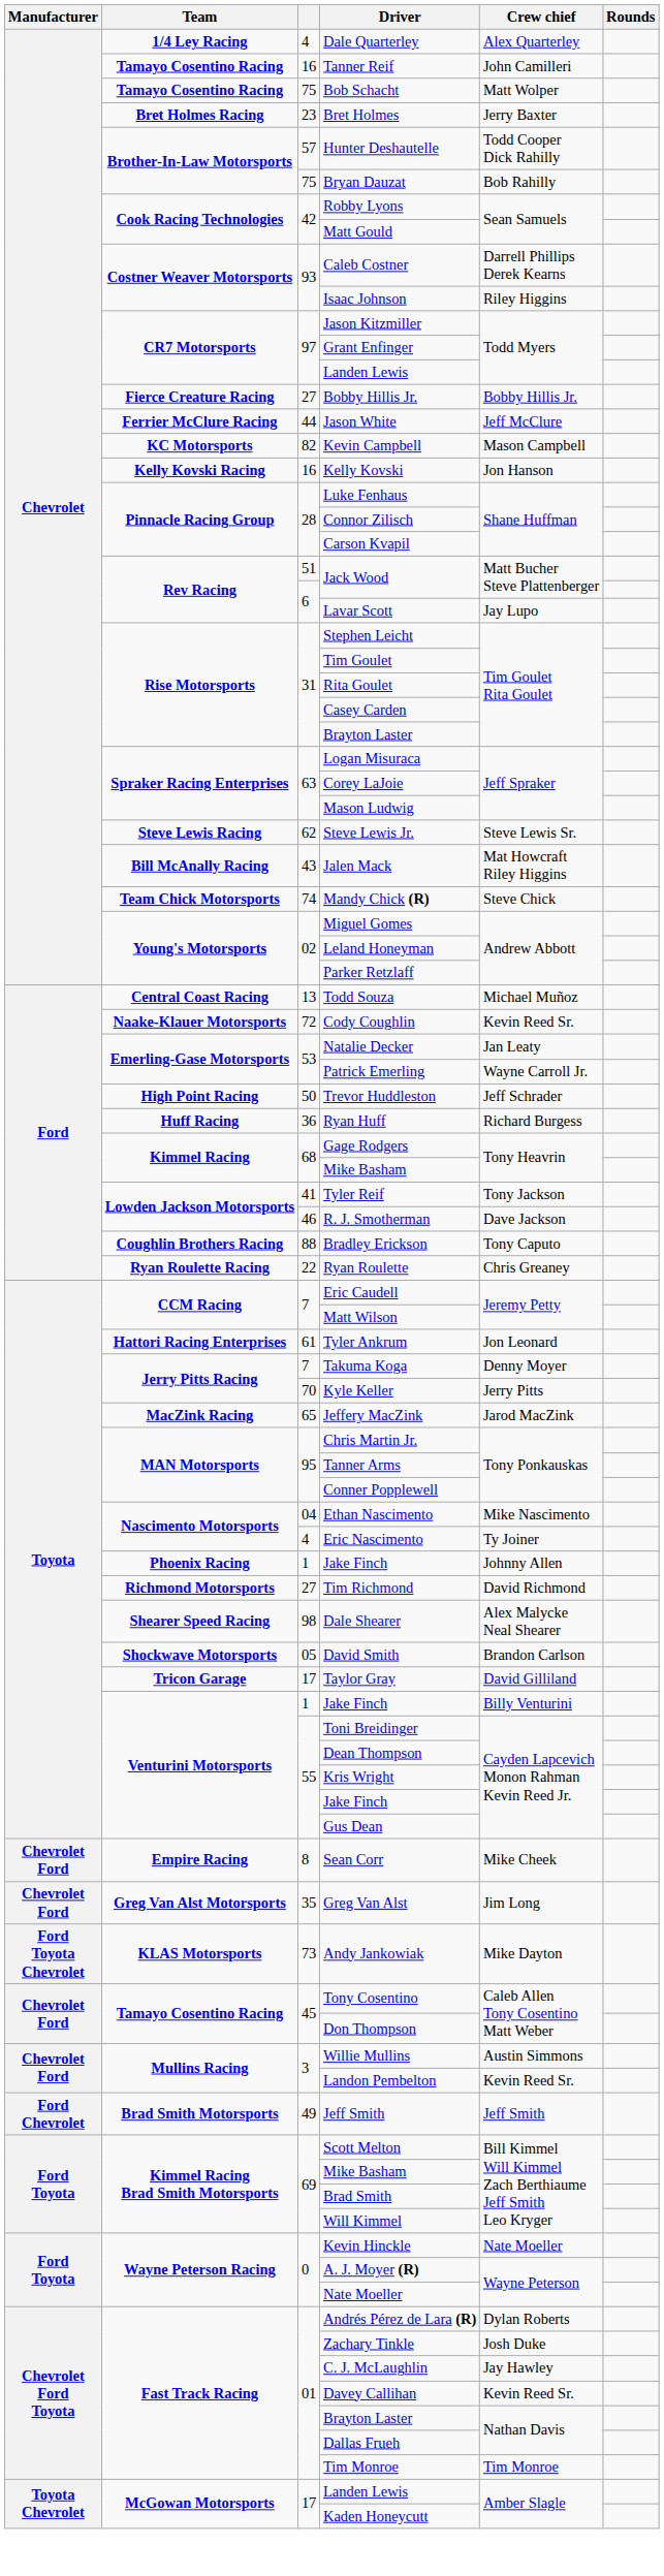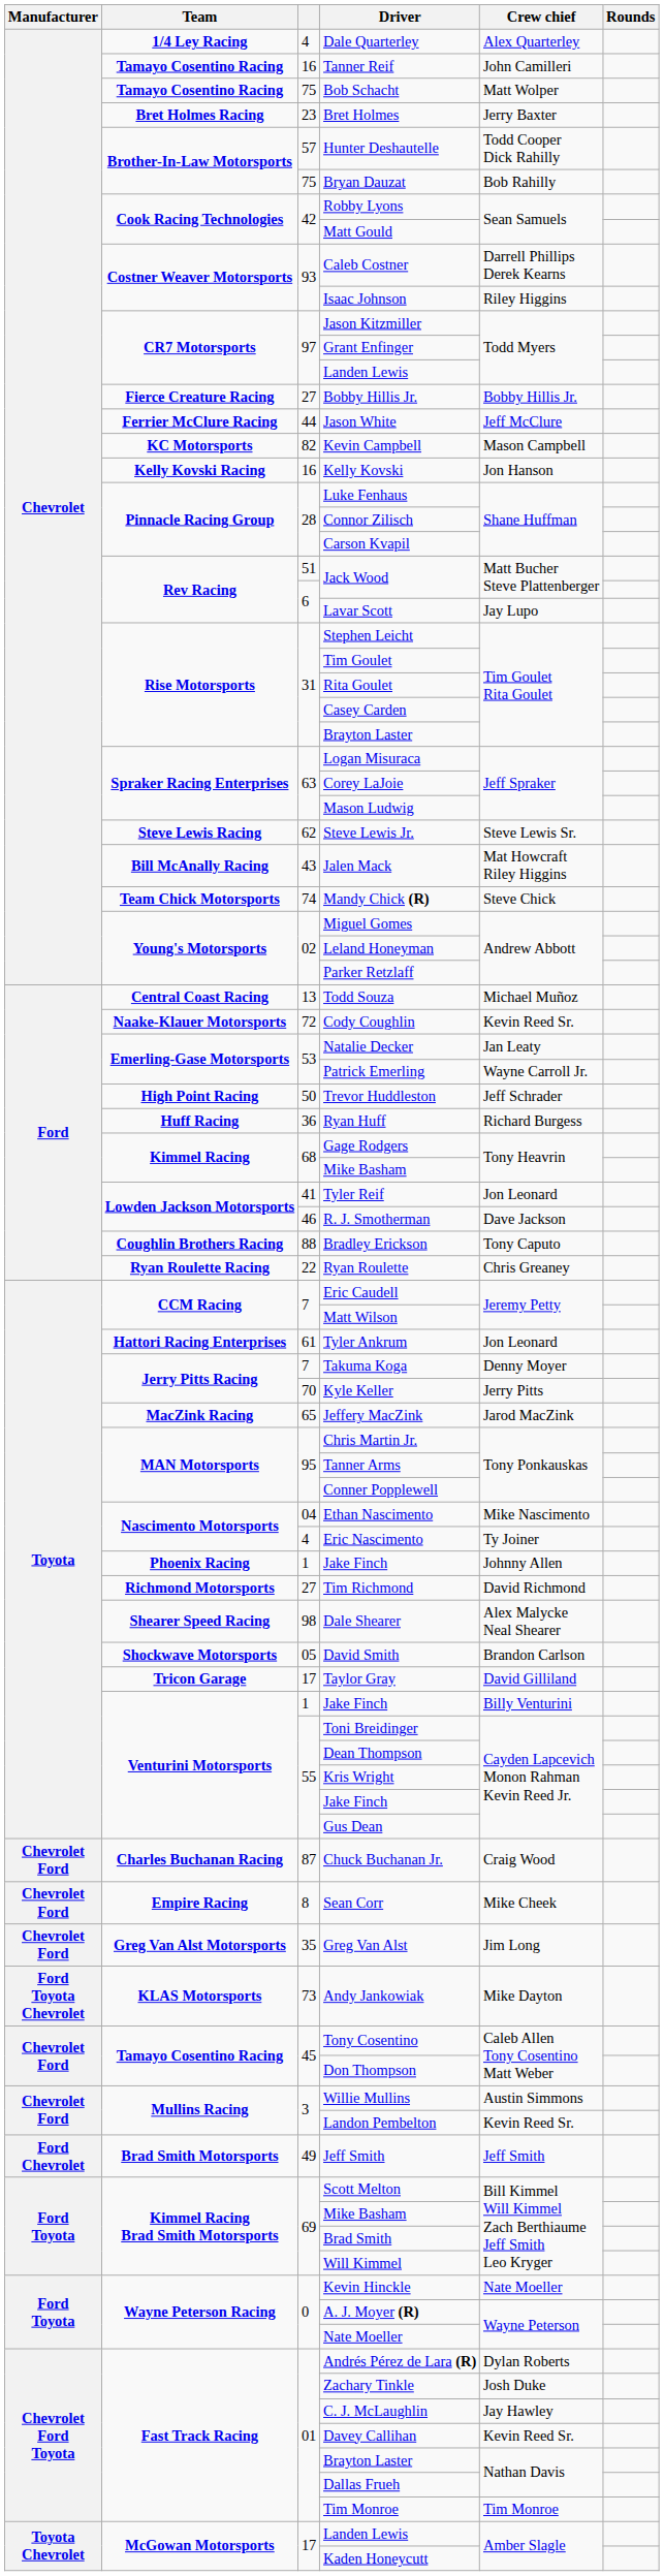 <table class="wikitable" style="font-size: 95%;">
 <tr>
 <th>Manufacturer</th>
 <th>Team</th>
 <th></th>
 <th>Driver</th>
 <th>Crew chief</th>
 <th>Rounds</th>
 </tr>
 <tr>
 <th rowspan=37><a href='#'>Chevrolet</a></th>
 <td style="text-align:center;"><strong><a href='#'>1/4 Ley Racing</a></strong></td>
 <td>4</td>
 <td><a href='#'>Dale Quarterley</a></td>
 <td><a href='#'>Alex Quarterley</a></td>
 <td></td>
 </tr>
 <tr>
 <td style="text-align:center;"><strong><a href='#'>Tamayo Cosentino Racing</a></strong></td>
 <td>16</td>
 <td><a href='#'>Tanner Reif</a></td>
 <td>John Camilleri</td>
 <td></td>
 </tr>
 <tr>
 <td style="text-align:center;"><strong><a href='#'>Tamayo Cosentino Racing</a></strong></td>
 <td>75</td>
 <td><a href='#'>Bob Schacht</a></td>
 <td>Matt Wolper</td>
 <td></td>
 </tr>
 <tr>
 <td style="text-align:center;"><strong><a href='#'>Bret Holmes Racing</a></strong></td>
 <td>23</td>
 <td><a href='#'>Bret Holmes</a></td>
 <td>Jerry Baxter</td>
 <td></td>
 </tr>
 <tr>
 <td rowspan=2 style="text-align:center;"><strong><a href='#'>Brother-In-Law Motorsports</a></strong></td>
 <td>57</td>
 <td><a href='#'>Hunter Deshautelle</a></td>
 <td>Todd Cooper <small></small> <br> Dick Rahilly <small></small></td>
 <td></td>
 </tr>
 <tr>
 <td>75</td>
 <td><a href='#'>Bryan Dauzat</a></td>
 <td>Bob Rahilly</td>
 <td></td>
 </tr>
 <tr>
 <td rowspan=2 style="text-align:center;"><strong><a href='#'>Cook Racing Technologies</a></strong></td>
 <td rowspan=2>42</td>
 <td><a href='#'>Robby Lyons</a></td>
 <td rowspan=2>Sean Samuels</td>
 <td></td>
 </tr>
 <tr>
 <td><a href='#'>Matt Gould</a></td>
 <td></td>
 </tr>
 <tr>
 <td rowspan=2 style="text-align:center;"><strong><a href='#'>Costner Weaver Motorsports</a></strong></td>
 <td rowspan=2>93</td>
 <td><a href='#'>Caleb Costner</a></td>
 <td>Darrell Phillips <small></small> <br> Derek Kearns <small></small></td>
 <td></td>
 </tr>
 <tr>
 <td><a href='#'>Isaac Johnson</a></td>
 <td>Riley Higgins</td>
 <td></td>
 </tr>
 <tr>
 <td rowspan=3 style="text-align:center;"><strong><a href='#'>CR7 Motorsports</a></strong></td>
 <td rowspan=3>97</td>
 <td><a href='#'>Jason Kitzmiller</a></td>
 <td rowspan=3>Todd Myers</td>
 <td></td>
 </tr>
 <tr>
 <td><a href='#'>Grant Enfinger</a></td>
 <td></td>
 </tr>
 <tr>
 <td><a href='#'>Landen Lewis</a></td>
 <td></td>
 </tr>
 <tr>
 <td style="text-align:center;"><strong><a href='#'>Fierce Creature Racing</a></strong></td>
 <td>27</td>
 <td><a href='#'>Bobby Hillis Jr.</a></td>
 <td><a href='#'>Bobby Hillis Jr.</a></td>
 <td></td>
 </tr>
 <tr>
 <td style="text-align:center;"><strong><a href='#'>Ferrier McClure Racing</a></strong></td>
 <td>44</td>
 <td><a href='#'>Jason White</a></td>
 <td><a href='#'>Jeff McClure</a></td>
 <td></td>
 </tr>
 <tr>
 <td style="text-align:center;"><strong><a href='#'>KC Motorsports</a></strong></td>
 <td>82</td>
 <td><a href='#'>Kevin Campbell</a></td>
 <td>Mason Campbell</td>
 <td></td>
 </tr>
 <tr>
 <td style="text-align:center;"><strong><a href='#'>Kelly Kovski Racing</a></strong></td>
 <td>16</td>
 <td><a href='#'>Kelly Kovski</a></td>
 <td>Jon Hanson</td>
 <td></td>
 </tr>
 <tr>
 <td rowspan=3 style="text-align:center;"><strong><a href='#'>Pinnacle Racing Group</a></strong></td>
 <td rowspan=3>28</td>
 <td><a href='#'>Luke Fenhaus</a></td>
 <td rowspan=3><a href='#'>Shane Huffman</a></td>
 <td></td>
 </tr>
 <tr>
 <td><a href='#'>Connor Zilisch</a></td>
 <td></td>
 </tr>
 <tr>
 <td><a href='#'>Carson Kvapil</a></td>
 <td></td>
 </tr>
 <tr>
 <td rowspan=3 style="text-align:center;"><strong><a href='#'>Rev Racing</a></strong></td>
 <td>51</td>
 <td rowspan=2><a href='#'>Jack Wood</a></td>
 <td rowspan=2>Matt Bucher <small></small> <br> Steve Plattenberger <small></small></td>
 <td></td>
 </tr>
 <tr>
 <td rowspan=2>6</td>
 <td></td>
 </tr>
 <tr>
 <td><a href='#'>Lavar Scott</a></td>
 <td>Jay Lupo</td>
 <td></td>
 </tr>
 <tr>
 <td rowspan=5 style="text-align:center;"><strong><a href='#'>Rise Motorsports</a></strong></td>
 <td rowspan=5>31</td>
 <td><a href='#'>Stephen Leicht</a></td>
 <td rowspan=5><a href='#'>Tim Goulet</a> <small></small> <br> <a href='#'>Rita Goulet</a> <small></small></td>
 <td></td>
 </tr>
 <tr>
 <td><a href='#'>Tim Goulet</a></td>
 <td></td>
 </tr>
 <tr>
 <td><a href='#'>Rita Goulet</a></td>
 <td></td>
 </tr>
 <tr>
 <td><a href='#'>Casey Carden</a></td>
 <td></td>
 </tr>
 <tr>
 <td><a href='#'>Brayton Laster</a></td>
 <td></td>
 </tr>
 <tr>
 <td rowspan=3 style="text-align:center;"><strong><a href='#'>Spraker Racing Enterprises</a></strong></td>
 <td rowspan=3>63</td>
 <td><a href='#'>Logan Misuraca</a></td>
 <td rowspan=3><a href='#'>Jeff Spraker</a></td>
 <td></td>
 </tr>
 <tr>
 <td><a href='#'>Corey LaJoie</a></td>
 <td></td>
 </tr>
 <tr>
 <td><a href='#'>Mason Ludwig</a></td>
 <td></td>
 </tr>
 <tr>
 <td style="text-align:center;"><strong><a href='#'>Steve Lewis Racing</a></strong></td>
 <td>62</td>
 <td><a href='#'>Steve Lewis Jr.</a></td>
 <td>Steve Lewis Sr.</td>
 <td></td>
 </tr>
 <tr>
 <td style="text-align:center;"><strong><a href='#'>Bill McAnally Racing</a></strong></td>
 <td>43</td>
 <td><a href='#'>Jalen Mack</a></td>
 <td>Mat Howcraft <small></small> <br> Riley Higgins <small></small></td>
 <td></td>
 </tr>
 <tr>
 <td style="text-align:center;"><strong><a href='#'>Team Chick Motorsports</a></strong></td>
 <td>74</td>
 <td><a href='#'>Mandy Chick</a> <strong>(R)</strong></td>
 <td>Steve Chick</td>
 <td></td>
 </tr>
 <tr>
 <td rowspan=3 style="text-align:center;"><strong><a href='#'>Young's Motorsports</a></strong></td>
 <td rowspan=3>02</td>
 <td><a href='#'>Miguel Gomes</a></td>
 <td rowspan=3>Andrew Abbott</td>
 <td></td>
 </tr>
 <tr>
 <td><a href='#'>Leland Honeyman</a></td>
 <td></td>
 </tr>
 <tr>
 <td><a href='#'>Parker Retzlaff</a></td>
 <td></td>
 </tr>
 <tr>
 <th rowspan=12><a href='#'>Ford</a></th>
 <td style="text-align:center;"><strong><a href='#'>Central Coast Racing</a></strong></td>
 <td>13</td>
 <td><a href='#'>Todd Souza</a></td>
 <td>Michael Muñoz</td>
 <td></td>
 </tr>
 <tr>
 <td style="text-align:center;"><strong><a href='#'>Naake-Klauer Motorsports</a></strong></td>
 <td>72</td>
 <td><a href='#'>Cody Coughlin</a></td>
 <td>Kevin Reed Sr.</td>
 <td></td>
 </tr>
 <tr>
 <td rowspan=2 style="text-align:center;"><strong><a href='#'>Emerling-Gase Motorsports</a></strong></td>
 <td rowspan=2>53</td>
 <td><a href='#'>Natalie Decker</a></td>
 <td>Jan Leaty</td>
 <td></td>
 </tr>
 <tr>
 <td><a href='#'>Patrick Emerling</a></td>
 <td>Wayne Carroll Jr.</td>
 <td></td>
 </tr>
 <tr>
 <td style="text-align:center;"><strong><a href='#'>High Point Racing</a></strong></td>
 <td>50</td>
 <td><a href='#'>Trevor Huddleston</a></td>
 <td>Jeff Schrader</td>
 <td></td>
 </tr>
 <tr>
 <td style="text-align:center;"><strong><a href='#'>Huff Racing</a></strong></td>
 <td>36</td>
 <td><a href='#'>Ryan Huff</a></td>
 <td>Richard Burgess</td>
 <td></td>
 </tr>
 <tr>
 <td rowspan=2 style="text-align:center;"><strong><a href='#'>Kimmel Racing</a></strong></td>
 <td rowspan=2>68</td>
 <td><a href='#'>Gage Rodgers</a></td>
 <td rowspan=2>Tony Heavrin</td>
 <td></td>
 </tr>
 <tr>
 <td><a href='#'>Mike Basham</a></td>
 <td></td>
 </tr>
 <tr>
 <td rowspan=2 style="text-align:center;"><strong><a href='#'>Lowden Jackson Motorsports</a></strong></td>
 <td>41</td>
 <td><a href='#'>Tyler Reif</a></td>
-<td>Tony Jackson</td>
+<td>Jon Leonard</td>
 <td></td>
 </tr>
 <tr>
 <td>46</td>
 <td><a href='#'>R. J. Smotherman</a></td>
 <td>Dave Jackson</td>
 <td></td>
 </tr>
 <tr>
 <td style="text-align:center;"><strong><a href='#'>Coughlin Brothers Racing</a></strong></td>
 <td>88</td>
 <td><a href='#'>Bradley Erickson</a></td>
 <td>Tony Caputo</td>
 <td></td>
 </tr>
 <tr>
 <td style="text-align:center;"><strong><a href='#'>Ryan Roulette Racing</a></strong></td>
 <td>22</td>
 <td><a href='#'>Ryan Roulette</a></td>
 <td>Chris Greaney</td>
 <td></td>
 </tr>
 <tr>
 <th rowspan=22><a href='#'>Toyota</a></th>
 <td rowspan=2 style="text-align:center;"><strong><a href='#'>CCM Racing</a></strong></td>
 <td rowspan=2>7</td>
 <td><a href='#'>Eric Caudell</a></td>
 <td rowspan=2><a href='#'>Jeremy Petty</a></td>
 <td></td>
 </tr>
 <tr>
 <td><a href='#'>Matt Wilson</a></td>
 <td></td>
 </tr>
 <tr>
 <td style="text-align:center;"><strong><a href='#'>Hattori Racing Enterprises</a></strong></td>
 <td>61</td>
 <td><a href='#'>Tyler Ankrum</a></td>
 <td>Jon Leonard</td>
 <td></td>
 </tr>
 <tr>
 <td rowspan=2 style="text-align:center;"><strong><a href='#'>Jerry Pitts Racing</a></strong></td>
 <td>7</td>
 <td><a href='#'>Takuma Koga</a></td>
 <td>Denny Moyer</td>
 <td></td>
 </tr>
 <tr>
 <td>70</td>
 <td><a href='#'>Kyle Keller</a></td>
 <td>Jerry Pitts</td>
 <td></td>
 </tr>
 <tr>
 <td style="text-align:center;"><strong><a href='#'>MacZink Racing</a></strong></td>
 <td>65</td>
 <td><a href='#'>Jeffery MacZink</a></td>
 <td>Jarod MacZink</td>
 <td></td>
 </tr>
 <tr>
 <td rowspan=3 style="text-align:center;"><strong><a href='#'>MAN Motorsports</a></strong></td>
 <td rowspan=3>95</td>
 <td><a href='#'>Chris Martin Jr.</a></td>
 <td rowspan=3>Tony Ponkauskas</td>
 <td></td>
 </tr>
 <tr>
 <td><a href='#'>Tanner Arms</a></td>
 <td></td>
 </tr>
 <tr>
 <td><a href='#'>Conner Popplewell</a></td>
 <td></td>
 </tr>
 <tr>
 <td rowspan=2 style="text-align:center;"><strong><a href='#'>Nascimento Motorsports</a></strong></td>
 <td>04</td>
 <td><a href='#'>Ethan Nascimento</a></td>
 <td>Mike Nascimento</td>
 <td></td>
 </tr>
 <tr>
 <td>4</td>
 <td><a href='#'>Eric Nascimento</a></td>
 <td>Ty Joiner</td>
 <td></td>
 </tr>
 <tr>
 <td style="text-align:center;"><strong><a href='#'>Phoenix Racing</a></strong></td>
 <td>1</td>
 <td><a href='#'>Jake Finch</a></td>
 <td>Johnny Allen</td>
 <td></td>
 </tr>
 <tr>
 <td style="text-align:center;"><strong><a href='#'>Richmond Motorsports</a></strong></td>
 <td>27</td>
 <td><a href='#'>Tim Richmond</a></td>
 <td>David Richmond</td>
 <td></td>
 </tr>
 <tr>
 <td style="text-align:center;"><strong><a href='#'>Shearer Speed Racing</a></strong></td>
 <td>98</td>
 <td><a href='#'>Dale Shearer</a></td>
 <td>Alex Malycke <small></small> <br> Neal Shearer <small></small></td>
 <td></td>
 </tr>
 <tr>
 <td style="text-align:center;"><strong><a href='#'>Shockwave Motorsports</a></strong></td>
 <td>05</td>
 <td><a href='#'>David Smith</a></td>
 <td>Brandon Carlson</td>
 <td></td>
 </tr>
 <tr>
 <td style="text-align:center;"><strong><a href='#'>Tricon Garage</a></strong></td>
 <td>17</td>
 <td><a href='#'>Taylor Gray</a></td>
 <td><a href='#'>David Gilliland</a></td>
 <td></td>
 </tr>
 <tr>
 <td rowspan=6 style="text-align:center;"><strong><a href='#'>Venturini Motorsports</a></strong></td>
 <td>1</td>
 <td><a href='#'>Jake Finch</a></td>
 <td><a href='#'>Billy Venturini</a></td>
 <td></td>
 </tr>
 <tr>
 <td rowspan=5>55</td>
 <td><a href='#'>Toni Breidinger</a></td>
 <td rowspan=5><a href='#'>Cayden Lapcevich</a> <small></small> <br> Monon Rahman <small></small> <br> Kevin Reed Jr. <small></small></td>
 <td></td>
 </tr>
 <tr>
 <td><a href='#'>Dean Thompson</a></td>
 <td></td>
 </tr>
 <tr>
 <td><a href='#'>Kris Wright</a></td>
 <td></td>
 </tr>
 <tr>
 <td><a href='#'>Jake Finch</a></td>
 <td></td>
 </tr>
 <tr>
 <td><a href='#'>Gus Dean</a></td>
 <td></td>
 </tr>
 <tr>
 <th><a href='#'>Chevrolet</a> <small></small> <br> <a href='#'>Ford</a> <small></small></th>
+<td style="text-align:center;"><strong><a href='#'>Charles Buchanan Racing</a></strong></td>
+<td>87</td>
+<td><a href='#'>Chuck Buchanan Jr.</a></td>
+<td>Craig Wood</td>
+<td></td>
+</tr>
+<tr>
+<th><a href='#'>Chevrolet</a> <small></small> <br> <a href='#'>Ford</a> <small></small></th>
 <td style="text-align:center;"><strong><a href='#'>Empire Racing</a></strong></td>
 <td>8</td>
 <td><a href='#'>Sean Corr</a></td>
 <td>Mike Cheek</td>
 <td></td>
 </tr>
 <tr>
 <th><a href='#'>Chevrolet</a> <small></small> <br> <a href='#'>Ford</a> <small></small></th>
 <td style="text-align:center;"><strong><a href='#'>Greg Van Alst Motorsports</a></strong></td>
 <td>35</td>
 <td><a href='#'>Greg Van Alst</a></td>
 <td>Jim Long</td>
 <td></td>
 </tr>
 <tr>
 <th><a href='#'>Ford</a> <small></small> <br> <a href='#'>Toyota</a> <small></small> <br> <a href='#'>Chevrolet</a> <small></small></th>
 <td style="text-align:center;"><strong><a href='#'>KLAS Motorsports</a></strong></td>
 <td>73</td>
 <td><a href='#'>Andy Jankowiak</a></td>
 <td>Mike Dayton</td>
 <td></td>
 </tr>
 <tr>
 <th rowspan=2><a href='#'>Chevrolet</a> <small></small> <br> <a href='#'>Ford</a> <small></small></th>
 <td rowspan=2 style="text-align:center;"><strong><a href='#'>Tamayo Cosentino Racing</a></strong></td>
 <td rowspan=2>45</td>
 <td><a href='#'>Tony Cosentino</a></td>
 <td rowspan=2>Caleb Allen <small></small> <br> <a href='#'>Tony Cosentino</a> <small></small> <br> Matt Weber <small></small></td>
 <td></td>
 </tr>
 <tr>
 <td><a href='#'>Don Thompson</a></td>
 <td></td>
 </tr>
 <tr>
 <th rowspan=2><a href='#'>Chevrolet</a> <small></small> <br> <a href='#'>Ford</a> <small></small></th>
 <td rowspan=2 style="text-align:center;"><strong><a href='#'>Mullins Racing</a></strong></td>
 <td rowspan=2>3</td>
 <td><a href='#'>Willie Mullins</a></td>
 <td>Austin Simmons</td>
 <td></td>
 </tr>
 <tr>
 <td><a href='#'>Landon Pembelton</a></td>
 <td>Kevin Reed Sr.</td>
 <td></td>
 </tr>
 <tr>
 <th><a href='#'>Ford</a> <small></small> <br> <a href='#'>Chevrolet</a> <small></small></th>
 <td style="text-align:center;"><strong><a href='#'>Brad Smith Motorsports</a></strong></td>
 <td>49</td>
 <td><a href='#'>Jeff Smith</a></td>
 <td><a href='#'>Jeff Smith</a></td>
 <td></td>
 </tr>
 <tr>
 <th rowspan=4><a href='#'>Ford</a> <small></small> <br> <a href='#'>Toyota</a> <small></small></th>
 <td rowspan=4 style="text-align:center;"><strong><a href='#'>Kimmel Racing</a></strong> <small></small> <br> <strong><a href='#'>Brad Smith Motorsports</a></strong> <small></small></td>
 <td rowspan=4>69</td>
 <td><a href='#'>Scott Melton</a></td>
 <td rowspan=4>Bill Kimmel <small></small> <br> <a href='#'>Will Kimmel</a> <small></small> <br> Zach Berthiaume <small></small> <br> <a href='#'>Jeff Smith</a> <small></small> <br> Leo Kryger <small></small></td>
 <td></td>
 </tr>
 <tr>
 <td><a href='#'>Mike Basham</a></td>
 <td></td>
 </tr>
 <tr>
 <td><a href='#'>Brad Smith</a></td>
 <td></td>
 </tr>
 <tr>
 <td><a href='#'>Will Kimmel</a></td>
 <td></td>
 </tr>
 <tr>
 <th rowspan=3><a href='#'>Ford</a> <small></small> <br> <a href='#'>Toyota</a> <small></small></th>
 <td rowspan=3 style="text-align:center;"><strong><a href='#'>Wayne Peterson Racing</a></strong></td>
 <td rowspan=3>0</td>
 <td><a href='#'>Kevin Hinckle</a></td>
 <td><a href='#'>Nate Moeller</a></td>
 <td></td>
 </tr>
 <tr>
 <td><a href='#'>A. J. Moyer</a> <strong>(R)</strong></td>
 <td rowspan=2><a href='#'>Wayne Peterson</a></td>
 <td></td>
 </tr>
 <tr>
 <td><a href='#'>Nate Moeller</a></td>
 <td></td>
 </tr>
 <tr>
 <th rowspan=7><a href='#'>Chevrolet</a> <small></small> <br> <a href='#'>Ford</a> <small></small> <br> <a href='#'>Toyota</a> <small></small></th>
 <td rowspan=7 style="text-align:center;"><strong><a href='#'>Fast Track Racing</a></strong></td>
 <td rowspan=7>01</td>
 <td><a href='#'>Andrés Pérez de Lara</a> <strong>(R)</strong></td>
 <td>Dylan Roberts</td>
 <td></td>
 </tr>
 <tr>
 <td><a href='#'>Zachary Tinkle</a></td>
 <td>Josh Duke</td>
 <td></td>
 </tr>
 <tr>
 <td><a href='#'>C. J. McLaughlin</a></td>
 <td>Jay Hawley</td>
 <td></td>
 </tr>
 <tr>
 <td><a href='#'>Davey Callihan</a></td>
 <td>Kevin Reed Sr.</td>
 <td></td>
 </tr>
 <tr>
 <td><a href='#'>Brayton Laster</a></td>
 <td rowspan=2>Nathan Davis</td>
 <td></td>
 </tr>
 <tr>
 <td><a href='#'>Dallas Frueh</a></td>
 <td></td>
 </tr>
 <tr>
 <td><a href='#'>Tim Monroe</a></td>
 <td><a href='#'>Tim Monroe</a></td>
 <td></td>
 </tr>
 <tr>
 <th rowspan=2><a href='#'>Toyota</a> <small></small><br><a href='#'>Chevrolet</a> <small></small></th>
 <td style="text-align:center;" rowspan=2><strong><a href='#'>McGowan Motorsports</a></strong></td>
 <td rowspan=2>17</td>
 <td><a href='#'>Landen Lewis</a></td>
 <td rowspan=2><a href='#'>Amber Slagle</a></td>
 <td></td>
 </tr>
 <tr>
 <td><a href='#'>Kaden Honeycutt</a></td>
 <td></td>
 </tr>
 </table>
